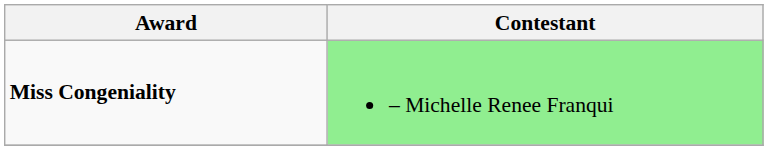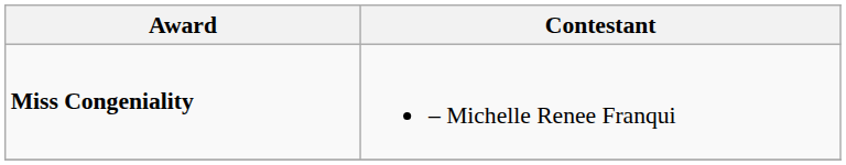 <table class="wikitable sortable" style="font-size:95%;">
 <tr>
 <th width="220">Award</th>
 <th width="300">Contestant</th>
 </tr>
 <tr>
 <td><strong>Miss Congeniality</strong></td>
-<td style="background: lightgreen;"><br><ul><li><strong></strong> – Michelle Renee Franqui</li></ul></td>
+<td><br><ul><li><strong></strong> – Michelle Renee Franqui</li></ul></td>
 </tr>
 <tr>
 </tr>
 </table>
